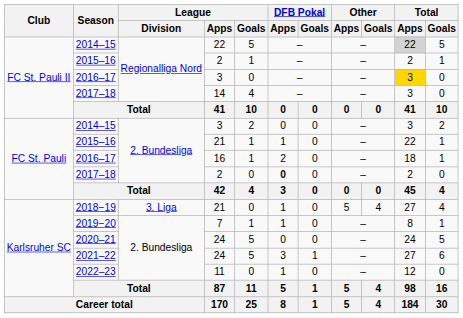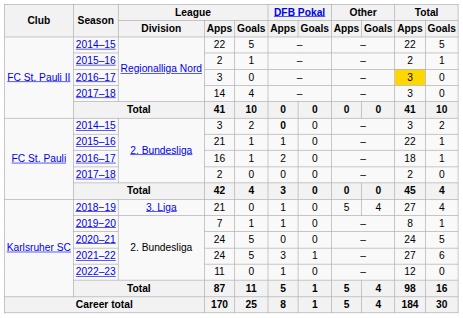 <table class="wikitable" style="text-align:center">
 <tr>
 <th rowspan="2">Club</th>
 <th rowspan="2">Season</th>
 <th colspan="3">League</th>
 <th colspan="2"><a href='#'>DFB Pokal</a></th>
 <th colspan="2">Other</th>
 <th colspan="2">Total</th>
 </tr>
 <tr>
 <th>Division</th>
 <th>Apps</th>
 <th>Goals</th>
 <th>Apps</th>
 <th>Goals</th>
 <th>Apps</th>
 <th>Goals</th>
 <th>Apps</th>
 <th>Goals</th>
 </tr>
 <tr>
 <td rowspan="5"><a href='#'>FC St. Pauli II</a></td>
 <td><a href='#'>2014–15</a></td>
 <td rowspan="4"><a href='#'>Regionalliga Nord</a></td>
 <td>22</td>
 <td>5</td>
 <td colspan="2">–</td>
 <td colspan="2">–</td>
-<td style="background: lightgrey;">22</td>
+<td>22</td>
 <td>5</td>
 </tr>
 <tr>
 <td><a href='#'>2015–16</a></td>
 <td>2</td>
 <td>1</td>
 <td colspan="2">–</td>
 <td colspan="2">–</td>
 <td>2</td>
 <td>1</td>
 </tr>
 <tr>
 <td><a href='#'>2016–17</a></td>
 <td>3</td>
 <td>0</td>
 <td colspan="2">–</td>
 <td colspan="2">–</td>
 <td style="background: gold;">3</td>
 <td>0</td>
 </tr>
 <tr>
 <td><a href='#'>2017–18</a></td>
 <td>14</td>
 <td>4</td>
 <td colspan="2">–</td>
 <td colspan="2">–</td>
 <td>3</td>
 <td>0</td>
 </tr>
 <tr>
 <th colspan="2">Total</th>
 <th>41</th>
 <th>10</th>
 <th>0</th>
 <th>0</th>
 <th>0</th>
 <th>0</th>
 <th>41</th>
 <th>10</th>
 </tr>
 <tr>
 <td rowspan="5"><a href='#'>FC St. Pauli</a></td>
 <td><a href='#'>2014–15</a></td>
 <td rowspan="4"><a href='#'>2. Bundesliga</a></td>
 <td>3</td>
 <td>2</td>
-<td>0</td>
+<td><strong>0</strong></td>
 <td>0</td>
 <td colspan="2">–</td>
 <td>3</td>
 <td>2</td>
 </tr>
 <tr>
 <td><a href='#'>2015–16</a></td>
 <td>21</td>
 <td>1</td>
 <td>1</td>
 <td>0</td>
 <td colspan="2">–</td>
 <td>22</td>
 <td>1</td>
 </tr>
 <tr>
 <td><a href='#'>2016–17</a></td>
 <td>16</td>
 <td>1</td>
 <td>2</td>
 <td>0</td>
 <td colspan="2">–</td>
 <td>18</td>
 <td>1</td>
 </tr>
 <tr>
 <td><a href='#'>2017–18</a></td>
 <td>2</td>
 <td>0</td>
-<td><strong>0</strong></td>
+<td>0</td>
 <td>0</td>
 <td colspan="2">–</td>
 <td>2</td>
 <td>0</td>
 </tr>
 <tr>
 <th colspan="2">Total</th>
 <th>42</th>
 <th>4</th>
 <th>3</th>
 <th>0</th>
 <th>0</th>
 <th>0</th>
 <th>45</th>
 <th>4</th>
 </tr>
 <tr>
 <td rowspan="6"><a href='#'>Karlsruher SC</a></td>
 <td><a href='#'>2018−19</a></td>
 <td><a href='#'>3. Liga</a></td>
 <td>21</td>
 <td>0</td>
 <td>1</td>
 <td>0</td>
 <td>5</td>
 <td>4</td>
 <td>27</td>
 <td>4</td>
 </tr>
 <tr>
 <td><a href='#'>2019−20</a></td>
 <td rowspan=4>2. Bundesliga</td>
 <td>7</td>
 <td>1</td>
 <td>1</td>
 <td>0</td>
 <td colspan="2">–</td>
 <td>8</td>
 <td>1</td>
 </tr>
 <tr>
 <td><a href='#'>2020–21</a></td>
 <td>24</td>
 <td>5</td>
 <td>0</td>
 <td>0</td>
 <td colspan="2">–</td>
 <td>24</td>
 <td>5</td>
 </tr>
 <tr>
 <td><a href='#'>2021–22</a></td>
 <td>24</td>
 <td>5</td>
 <td>3</td>
 <td>1</td>
 <td colspan="2">–</td>
 <td>27</td>
 <td>6</td>
 </tr>
 <tr>
 <td><a href='#'>2022–23</a></td>
 <td>11</td>
 <td>0</td>
 <td>1</td>
 <td>0</td>
 <td colspan="2">–</td>
 <td>12</td>
 <td>0</td>
 </tr>
 <tr>
 <th colspan="2">Total</th>
 <th>87</th>
 <th>11</th>
 <th>5</th>
 <th>1</th>
 <th>5</th>
 <th>4</th>
 <th>98</th>
 <th>16</th>
 </tr>
 <tr>
 <th colspan="3">Career total</th>
 <th>170</th>
 <th>25</th>
 <th>8</th>
 <th>1</th>
 <th>5</th>
 <th>4</th>
 <th>184</th>
 <th>30</th>
 </tr>
 </table>
